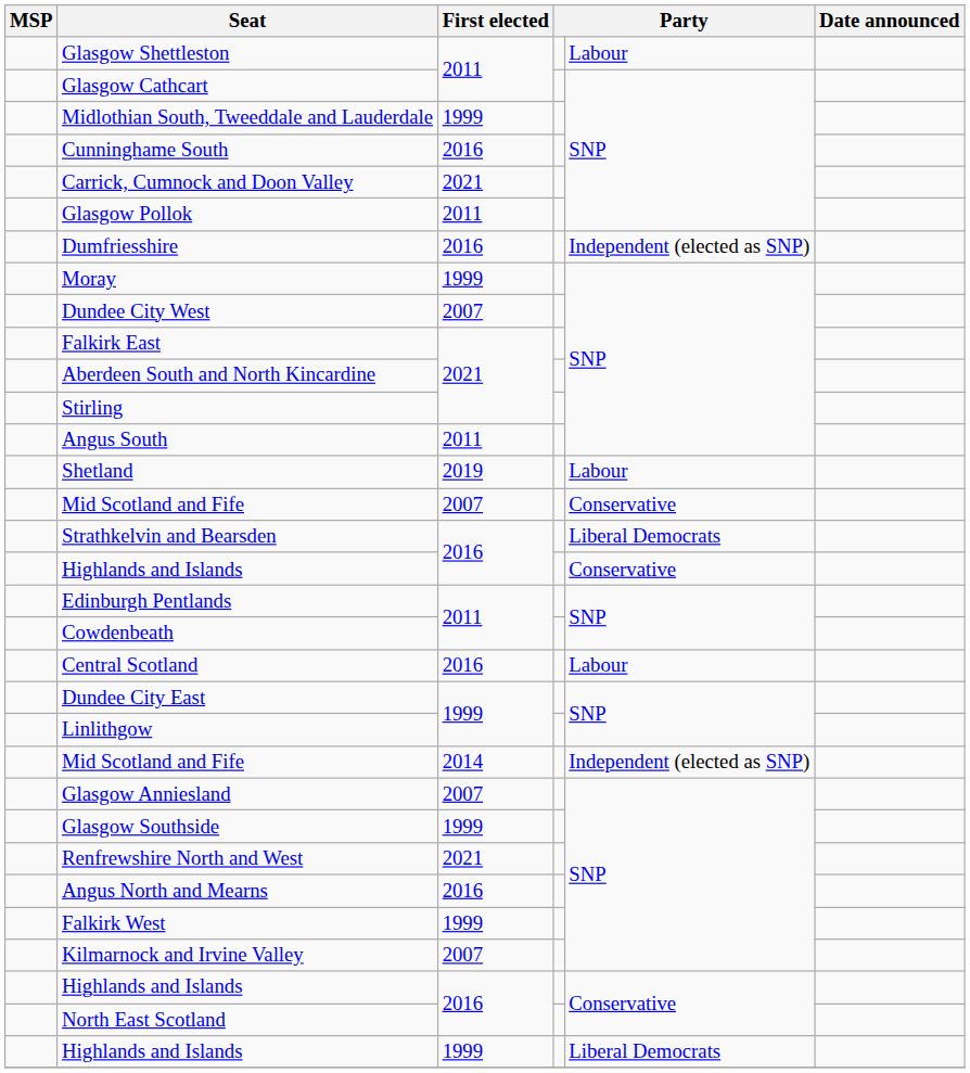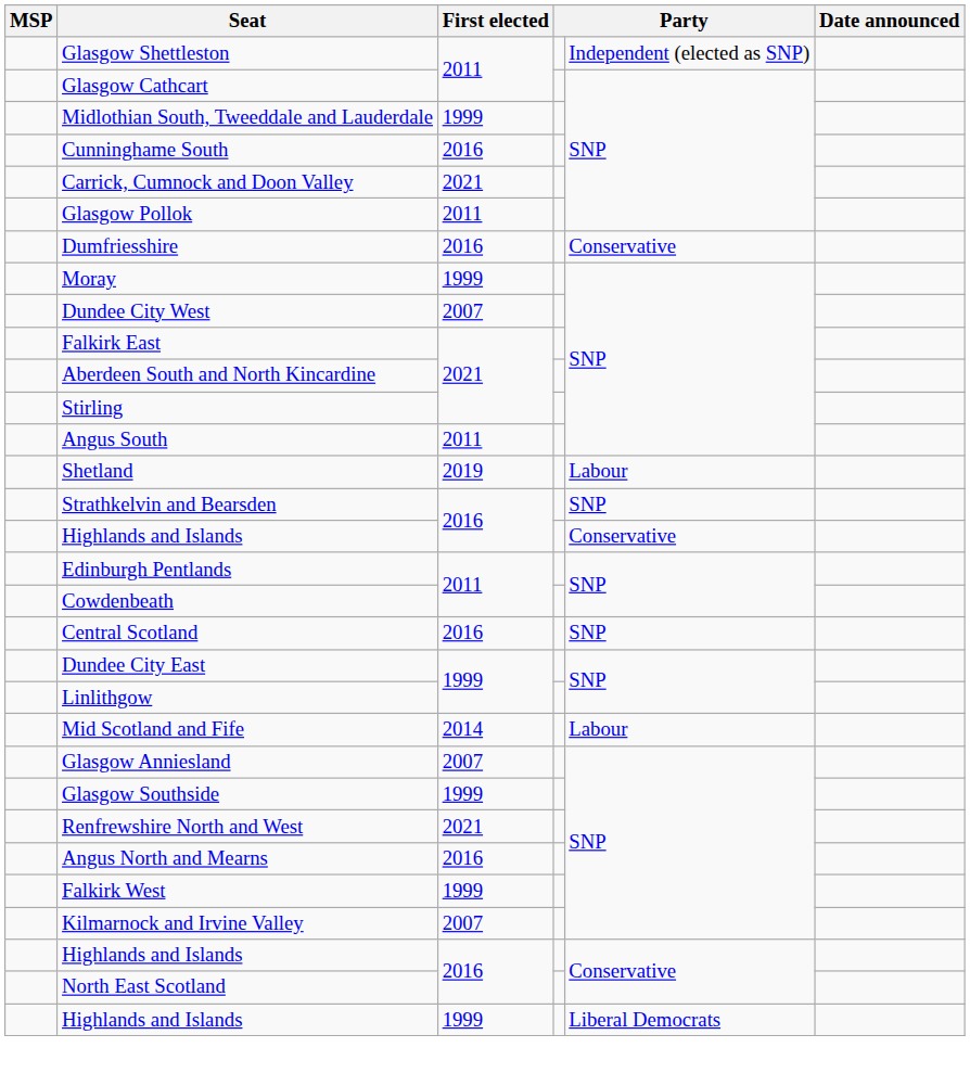 <table class="wikitable sortable">
 <tr>
 <th scope="col">MSP</th>
 <th scope="col">Seat</th>
 <th scope="col">First elected</th>
 <th colspan="2">Party</th>
 <th scope="col">Date announced</th>
 </tr>
 <tr>
 <td></td>
 <td><a href='#'>Glasgow Shettleston</a></td>
 <td rowspan="2"><a href='#'>2011</a></td>
 <td width="1"></td>
-<td><a href='#'>Labour</a></td>
+<td><a href='#'>Independent</a> (elected as <a href='#'>SNP</a>)</td>
 <td></td>
 </tr>
 <tr>
 <td></td>
 <td><a href='#'>Glasgow Cathcart</a></td>
 <td width="1"></td>
 <td rowspan="5"><a href='#'>SNP</a></td>
 <td></td>
 </tr>
 <tr>
 <td></td>
 <td><a href='#'>Midlothian South, Tweeddale and Lauderdale</a></td>
 <td><a href='#'>1999</a></td>
 <td width="1"></td>
 <td></td>
 </tr>
 <tr>
 <td></td>
 <td><a href='#'>Cunninghame South</a></td>
 <td><a href='#'>2016</a></td>
 <td width="1"></td>
 <td></td>
 </tr>
 <tr>
 <td></td>
 <td><a href='#'>Carrick, Cumnock and Doon Valley</a></td>
 <td><a href='#'>2021</a></td>
 <td width="1"></td>
 <td></td>
 </tr>
 <tr>
 <td></td>
 <td><a href='#'>Glasgow Pollok</a></td>
 <td><a href='#'>2011</a></td>
 <td width="1"></td>
 <td></td>
 </tr>
 <tr>
 <td></td>
 <td><a href='#'>Dumfriesshire</a></td>
 <td><a href='#'>2016</a></td>
 <td width="1"></td>
-<td><a href='#'>Independent</a> (elected as <a href='#'>SNP</a>)</td>
+<td><a href='#'>Conservative</a></td>
 <td></td>
 </tr>
 <tr>
 <td></td>
 <td><a href='#'>Moray</a></td>
 <td><a href='#'>1999</a></td>
 <td width="1"></td>
 <td rowspan="6"><a href='#'>SNP</a></td>
 <td></td>
 </tr>
 <tr>
 <td></td>
 <td><a href='#'>Dundee City West</a></td>
 <td><a href='#'>2007</a></td>
 <td width="1"></td>
 <td></td>
 </tr>
 <tr>
 <td></td>
 <td><a href='#'>Falkirk East</a></td>
 <td rowspan="3"><a href='#'>2021</a></td>
 <td width="1"></td>
 <td></td>
 </tr>
 <tr>
 <td></td>
 <td><a href='#'>Aberdeen South and North Kincardine</a></td>
 <td width="1"></td>
 <td></td>
 </tr>
 <tr>
 <td></td>
 <td><a href='#'>Stirling</a></td>
 <td width="1"></td>
 <td></td>
 </tr>
 <tr>
 <td></td>
 <td><a href='#'>Angus South</a></td>
 <td><a href='#'>2011</a></td>
 <td width="1"></td>
 <td></td>
 </tr>
 <tr>
 <td></td>
 <td><a href='#'>Shetland</a></td>
 <td><a href='#'>2019</a></td>
 <td width="1"></td>
 <td><a href='#'>Labour</a></td>
 <td></td>
 </tr>
 <tr>
 <td></td>
-<td><a href='#'>Mid Scotland and Fife</a></td>
-<td><a href='#'>2007</a></td>
-<td width="1"></td>
-<td><a href='#'>Conservative</a></td>
-<td></td>
-</tr>
-<tr>
-<td></td>
 <td><a href='#'>Strathkelvin and Bearsden</a></td>
 <td rowspan="2"><a href='#'>2016</a></td>
 <td width="1"></td>
-<td><a href='#'>Liberal Democrats</a></td>
+<td><a href='#'>SNP</a></td>
 <td></td>
 </tr>
 <tr>
 <td></td>
 <td><a href='#'>Highlands and Islands</a></td>
 <td width="1"></td>
 <td><a href='#'>Conservative</a></td>
 <td></td>
 </tr>
 <tr>
 <td></td>
 <td><a href='#'>Edinburgh Pentlands</a></td>
 <td rowspan="2"><a href='#'>2011</a></td>
 <td width="1"></td>
 <td rowspan="2"><a href='#'>SNP</a></td>
 <td></td>
 </tr>
 <tr>
 <td></td>
 <td><a href='#'>Cowdenbeath</a></td>
 <td width="1"></td>
 <td></td>
 </tr>
 <tr>
 <td></td>
 <td><a href='#'>Central Scotland</a></td>
 <td><a href='#'>2016</a></td>
 <td width="1"></td>
-<td><a href='#'>Labour</a></td>
+<td><a href='#'>SNP</a></td>
 <td></td>
 </tr>
 <tr>
 <td></td>
 <td><a href='#'>Dundee City East</a></td>
 <td rowspan="2"><a href='#'>1999</a></td>
 <td width="1"></td>
 <td rowspan="2"><a href='#'>SNP</a></td>
 <td></td>
 </tr>
 <tr>
 <td></td>
 <td><a href='#'>Linlithgow</a></td>
 <td width="1"></td>
 <td></td>
 </tr>
 <tr>
 <td></td>
 <td><a href='#'>Mid Scotland and Fife</a></td>
 <td><a href='#'>2014</a></td>
 <td width="1"></td>
-<td><a href='#'>Independent</a> (elected as <a href='#'>SNP</a>)</td>
+<td><a href='#'>Labour</a></td>
 <td></td>
 </tr>
 <tr>
 <td></td>
 <td><a href='#'>Glasgow Anniesland</a></td>
 <td><a href='#'>2007</a></td>
 <td width="1"></td>
 <td rowspan="6"><a href='#'>SNP</a></td>
 <td></td>
 </tr>
 <tr>
 <td></td>
 <td><a href='#'>Glasgow Southside</a></td>
 <td><a href='#'>1999</a></td>
 <td width="1"></td>
 <td></td>
 </tr>
 <tr>
 <td></td>
 <td><a href='#'>Renfrewshire North and West</a></td>
 <td><a href='#'>2021</a></td>
 <td width="1"></td>
 <td></td>
 </tr>
 <tr>
 <td></td>
 <td><a href='#'>Angus North and Mearns</a></td>
 <td><a href='#'>2016</a></td>
 <td width="1"></td>
 <td></td>
 </tr>
 <tr>
 <td></td>
 <td><a href='#'>Falkirk West</a></td>
 <td><a href='#'>1999</a></td>
 <td width="1"></td>
 <td></td>
 </tr>
 <tr>
 <td></td>
 <td><a href='#'>Kilmarnock and Irvine Valley</a></td>
 <td><a href='#'>2007</a></td>
 <td width="1"></td>
 <td></td>
 </tr>
 <tr>
 <td></td>
 <td><a href='#'>Highlands and Islands</a></td>
 <td rowspan="2"><a href='#'>2016</a></td>
 <td width="1"></td>
 <td rowspan="2"><a href='#'>Conservative</a></td>
 <td></td>
 </tr>
 <tr>
 <td></td>
 <td><a href='#'>North East Scotland</a></td>
 <td width="1"></td>
 <td></td>
 </tr>
 <tr>
 <td></td>
 <td><a href='#'>Highlands and Islands</a></td>
 <td><a href='#'>1999</a></td>
 <td width="1"></td>
 <td><a href='#'>Liberal Democrats</a></td>
 <td></td>
 </tr>
 <tr>
 </tr>
 </table>
